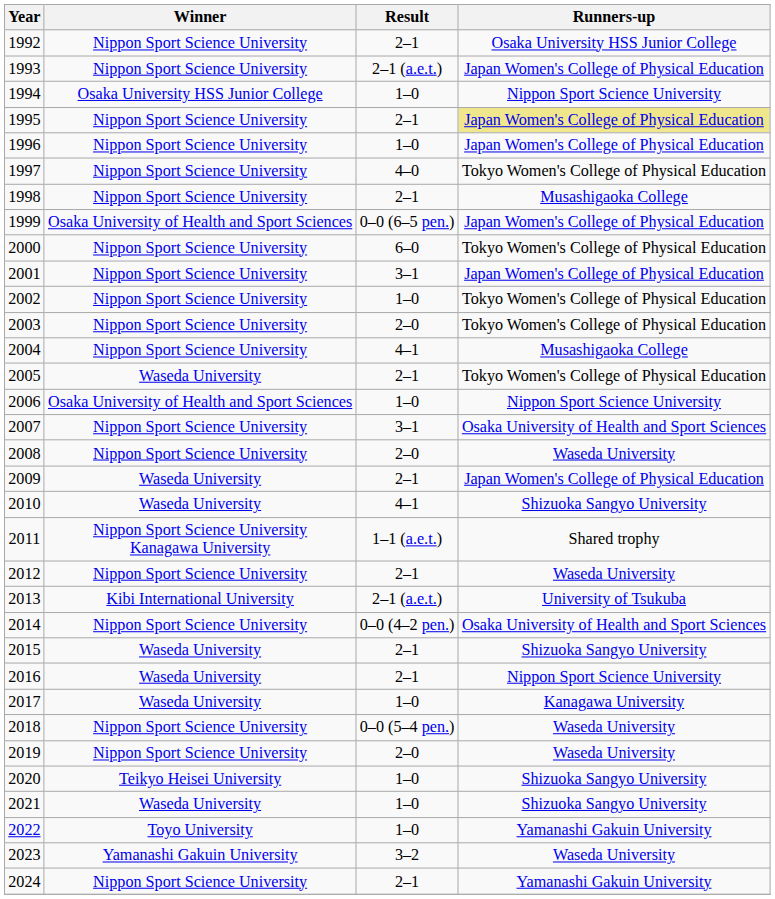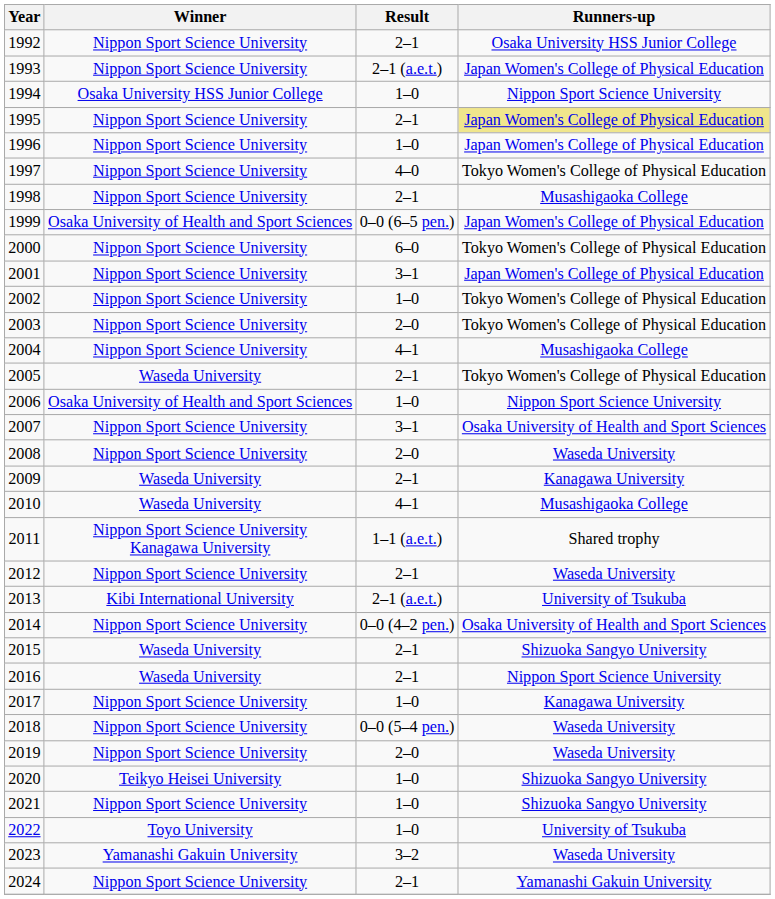 <table class="sortable wikitable" style="text-align: center;">
 <tr>
 <th>Year</th>
 <th>Winner</th>
 <th>Result</th>
 <th>Runners-up</th>
 </tr>
 <tr>
 <td>1992</td>
 <td><a href='#'>Nippon Sport Science University</a></td>
 <td>2–1</td>
 <td><a href='#'>Osaka University HSS Junior College</a></td>
 </tr>
 <tr>
 <td>1993</td>
 <td><a href='#'>Nippon Sport Science University</a></td>
 <td>2–1 (<a href='#'>a.e.t.</a>)</td>
 <td><a href='#'>Japan Women's College of Physical Education</a></td>
 </tr>
 <tr>
 <td>1994</td>
 <td><a href='#'>Osaka University HSS Junior College</a></td>
 <td>1–0</td>
 <td><a href='#'>Nippon Sport Science University</a></td>
 </tr>
 <tr>
 <td>1995</td>
 <td><a href='#'>Nippon Sport Science University</a></td>
 <td>2–1</td>
 <td style="background: khaki;"><a href='#'>Japan Women's College of Physical Education</a></td>
 </tr>
 <tr>
 <td>1996</td>
 <td><a href='#'>Nippon Sport Science University</a></td>
 <td>1–0</td>
 <td><a href='#'>Japan Women's College of Physical Education</a></td>
 </tr>
 <tr>
 <td>1997</td>
 <td><a href='#'>Nippon Sport Science University</a></td>
 <td>4–0</td>
 <td>Tokyo Women's College of Physical Education</td>
 </tr>
 <tr>
 <td>1998</td>
 <td><a href='#'>Nippon Sport Science University</a></td>
 <td>2–1</td>
 <td><a href='#'>Musashigaoka College</a></td>
 </tr>
 <tr>
 <td>1999</td>
 <td><a href='#'>Osaka University of Health and Sport Sciences</a></td>
 <td>0–0 (6–5 <a href='#'>pen.</a>)</td>
 <td><a href='#'>Japan Women's College of Physical Education</a></td>
 </tr>
 <tr>
 <td>2000</td>
 <td><a href='#'>Nippon Sport Science University</a></td>
 <td>6–0</td>
 <td>Tokyo Women's College of Physical Education</td>
 </tr>
 <tr>
 <td>2001</td>
 <td><a href='#'>Nippon Sport Science University</a></td>
 <td>3–1</td>
 <td><a href='#'>Japan Women's College of Physical Education</a></td>
 </tr>
 <tr>
 <td>2002</td>
 <td><a href='#'>Nippon Sport Science University</a></td>
 <td>1–0</td>
 <td>Tokyo Women's College of Physical Education</td>
 </tr>
 <tr>
 <td>2003</td>
 <td><a href='#'>Nippon Sport Science University</a></td>
 <td>2–0</td>
 <td>Tokyo Women's College of Physical Education</td>
 </tr>
 <tr>
 <td>2004</td>
 <td><a href='#'>Nippon Sport Science University</a></td>
 <td>4–1</td>
 <td><a href='#'>Musashigaoka College</a></td>
 </tr>
 <tr>
 <td>2005</td>
 <td><a href='#'>Waseda University</a></td>
 <td>2–1</td>
 <td>Tokyo Women's College of Physical Education</td>
 </tr>
 <tr>
 <td>2006</td>
 <td><a href='#'>Osaka University of Health and Sport Sciences</a></td>
 <td>1–0</td>
 <td><a href='#'>Nippon Sport Science University</a></td>
 </tr>
 <tr>
 <td>2007</td>
 <td><a href='#'>Nippon Sport Science University</a></td>
 <td>3–1</td>
 <td><a href='#'>Osaka University of Health and Sport Sciences</a></td>
 </tr>
 <tr>
 <td>2008</td>
 <td><a href='#'>Nippon Sport Science University</a></td>
 <td>2–0</td>
 <td><a href='#'>Waseda University</a></td>
 </tr>
 <tr>
 <td>2009</td>
 <td><a href='#'>Waseda University</a></td>
 <td>2–1</td>
-<td><a href='#'>Japan Women's College of Physical Education</a></td>
+<td><a href='#'>Kanagawa University</a></td>
 </tr>
 <tr>
 <td>2010</td>
 <td><a href='#'>Waseda University</a></td>
 <td>4–1</td>
-<td><a href='#'>Shizuoka Sangyo University</a></td>
+<td><a href='#'>Musashigaoka College</a></td>
 </tr>
 <tr>
 <td>2011</td>
 <td><a href='#'>Nippon Sport Science University</a><br><a href='#'>Kanagawa University</a></td>
 <td>1–1 (<a href='#'>a.e.t.</a>)</td>
 <td>Shared trophy</td>
 </tr>
 <tr>
 <td>2012</td>
 <td><a href='#'>Nippon Sport Science University</a></td>
 <td>2–1</td>
 <td><a href='#'>Waseda University</a></td>
 </tr>
 <tr>
 <td>2013</td>
 <td><a href='#'>Kibi International University</a></td>
 <td>2–1 (<a href='#'>a.e.t.</a>)</td>
 <td><a href='#'>University of Tsukuba</a></td>
 </tr>
 <tr>
 <td>2014</td>
 <td><a href='#'>Nippon Sport Science University</a></td>
 <td>0–0 (4–2 <a href='#'>pen.</a>)</td>
 <td><a href='#'>Osaka University of Health and Sport Sciences</a></td>
 </tr>
 <tr>
 <td>2015</td>
 <td><a href='#'>Waseda University</a></td>
 <td>2–1</td>
 <td><a href='#'>Shizuoka Sangyo University</a></td>
 </tr>
 <tr>
 <td>2016</td>
 <td><a href='#'>Waseda University</a></td>
 <td>2–1</td>
 <td><a href='#'>Nippon Sport Science University</a></td>
 </tr>
 <tr>
 <td>2017</td>
-<td><a href='#'>Waseda University</a></td>
+<td><a href='#'>Nippon Sport Science University</a></td>
 <td>1–0</td>
 <td><a href='#'>Kanagawa University</a></td>
 </tr>
 <tr>
 <td>2018</td>
 <td><a href='#'>Nippon Sport Science University</a></td>
 <td>0–0 (5–4 <a href='#'>pen.</a>)</td>
 <td><a href='#'>Waseda University</a></td>
 </tr>
 <tr>
 <td>2019</td>
 <td><a href='#'>Nippon Sport Science University</a></td>
 <td>2–0</td>
 <td><a href='#'>Waseda University</a></td>
 </tr>
 <tr>
 <td>2020</td>
 <td><a href='#'>Teikyo Heisei University</a></td>
 <td>1–0</td>
 <td><a href='#'>Shizuoka Sangyo University</a></td>
 </tr>
 <tr>
 <td>2021</td>
-<td><a href='#'>Waseda University</a></td>
+<td><a href='#'>Nippon Sport Science University</a></td>
 <td>1–0</td>
 <td><a href='#'>Shizuoka Sangyo University</a></td>
 </tr>
 <tr>
 <td><a href='#'>2022</a></td>
 <td><a href='#'>Toyo University</a></td>
 <td>1–0</td>
-<td><a href='#'>Yamanashi Gakuin University</a></td>
+<td><a href='#'>University of Tsukuba</a></td>
 </tr>
 <tr>
 <td>2023</td>
 <td><a href='#'>Yamanashi Gakuin University</a></td>
 <td>3–2</td>
 <td><a href='#'>Waseda University</a></td>
 </tr>
 <tr>
 <td>2024</td>
 <td><a href='#'>Nippon Sport Science University</a></td>
 <td>2–1</td>
 <td><a href='#'>Yamanashi Gakuin University</a></td>
 </tr>
 <tr>
 </tr>
 </table>
